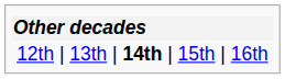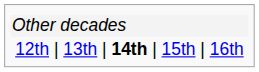 <table class="infobox" width=230>
 <tr>
 <td></td>
 </tr>
 <tr style="background-color:#f3f3f3">
-<td><strong><em>Other decades</em></strong></td>
+<td><em>Other decades</em></td>
 </tr>
 <tr>
 <td align="center"><a href='#'>12th</a> | <a href='#'>13th</a> | <strong>14th</strong> | <a href='#'>15th</a> | <a href='#'>16th</a></td>
 </tr>
 </table>
